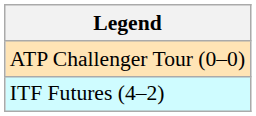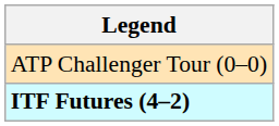 <table class=wikitable style=font-size:90%>
 <tr>
 <th>Legend</th>
 </tr>
 <tr bgcolor=moccasin>
 <td>ATP Challenger Tour (0–0)</td>
 </tr>
 <tr bgcolor=CFFCFF>
-<td>ITF Futures (4–2)</td>
+<td><strong>ITF Futures (4–2)</strong></td>
 </tr>
 </table>
